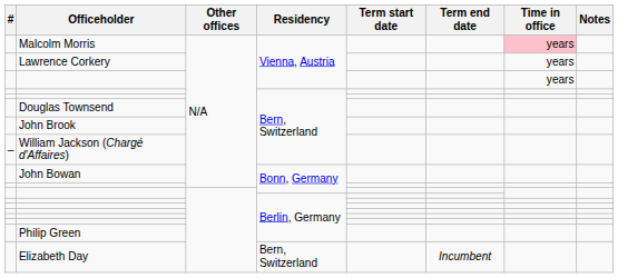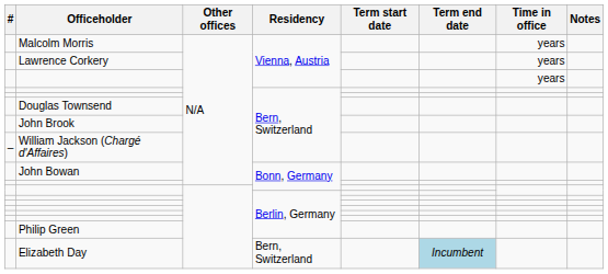 <table class='wikitable sortable'>
 <tr>
 <th>#</th>
 <th>Officeholder</th>
 <th>Other offices</th>
 <th>Residency</th>
 <th>Term start date</th>
 <th>Term end date</th>
 <th>Time in office</th>
 <th>Notes</th>
 </tr>
 <tr>
 <td align=center></td>
 <td>Malcolm Morris</td>
 <td rowspan=10>N/A</td>
 <td rowspan=3><a href='#'>Vienna</a>, <a href='#'>Austria</a></td>
 <td align=center></td>
 <td align=center></td>
-<td align=right style="background: pink;"> years</td>
+<td align=right> years</td>
 <td></td>
 </tr>
 <tr>
 <td align=center></td>
 <td>Lawrence Corkery</td>
 <td align=center></td>
 <td align=center></td>
 <td align=right> years</td>
 <td></td>
 </tr>
 <tr>
 <td align=center></td>
 <td></td>
 <td align=center></td>
 <td align=center></td>
 <td align=right> years</td>
 <td></td>
 </tr>
 <tr>
 <td align=center></td>
 <td></td>
 <td rowspan=5><a href='#'>Bern</a>, Switzerland</td>
 <td align=center></td>
 <td align=center></td>
 <td align=right><strong></strong></td>
 <td></td>
 </tr>
 <tr>
 <td align=center></td>
 <td></td>
 <td align=center></td>
 <td align=center></td>
 <td align=right></td>
 <td></td>
 </tr>
 <tr>
 <td align=center></td>
 <td>Douglas Townsend</td>
 <td align=center></td>
 <td align=center></td>
 <td align=right></td>
 <td></td>
 </tr>
 <tr>
 <td align=center></td>
 <td>John Brook</td>
 <td align=center></td>
 <td align=center></td>
 <td align=right></td>
 <td></td>
 </tr>
 <tr>
 <td align=center>–</td>
 <td>William Jackson (<em>Chargé d'Affaires</em>)</td>
 <td align=center></td>
 <td align=center></td>
 <td align=right></td>
 <td></td>
 </tr>
 <tr>
 <td align=center></td>
 <td>John Bowan</td>
 <td rowspan=3><a href='#'>Bonn</a>, <a href='#'>Germany</a></td>
 <td align=center></td>
 <td align=center></td>
 <td align=right></td>
 <td></td>
 </tr>
 <tr>
 <td align=center></td>
 <td></td>
 <td align=center></td>
 <td align=center></td>
 <td align=right></td>
 <td></td>
 </tr>
 <tr>
 <td rowspan=2 align=center></td>
 <td rowspan=2></td>
 <td rowspan=9></td>
 <td align=center></td>
 <td align=center></td>
 <td rowspan=2 align=right></td>
 <td rowspan=2></td>
 </tr>
 <tr>
 <td rowspan=7><a href='#'>Berlin</a>, Germany</td>
 <td align=center></td>
 <td align=center></td>
 </tr>
 <tr>
 <td align=center></td>
 <td></td>
 <td align=center></td>
 <td align=center></td>
 <td align=right></td>
 <td></td>
 </tr>
 <tr>
 <td align=center></td>
 <td></td>
 <td align=center></td>
 <td align=center></td>
 <td align=right></td>
 <td></td>
 </tr>
 <tr>
 <td align=center></td>
 <td></td>
 <td align=center></td>
 <td align=center></td>
 <td align=right></td>
 <td></td>
 </tr>
 <tr>
 <td align=center></td>
 <td></td>
 <td align=center></td>
 <td align=center></td>
 <td align=right></td>
 <td></td>
 </tr>
 <tr>
 <td align=center></td>
 <td></td>
 <td align=center></td>
 <td align=center></td>
 <td align=right></td>
 <td></td>
 </tr>
 <tr>
 <td align=center></td>
 <td>Philip Green</td>
 <td align=center></td>
 <td align=center></td>
 <td align=right></td>
 <td></td>
 </tr>
 <tr>
 <td align=center></td>
 <td>Elizabeth Day</td>
 <td>Bern, Switzerland</td>
 <td align=center></td>
-<td align=center><em>Incumbent</em></td>
+<td align=center style="background: lightblue;"><em>Incumbent</em></td>
 <td align=right></td>
 <td></td>
 </tr>
 </table>
